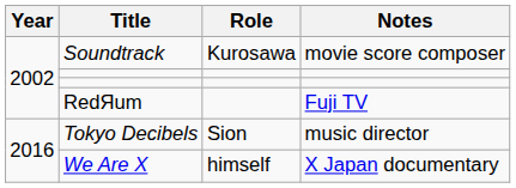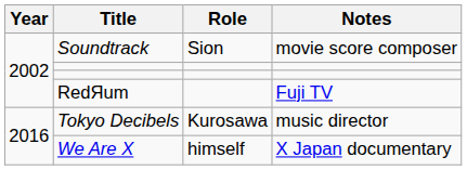 <table class="wikitable">
 <tr>
 <th>Year</th>
 <th>Title</th>
 <th>Role</th>
 <th>Notes</th>
 </tr>
 <tr>
 <td rowspan="4">2002</td>
 <td><em>Soundtrack</em></td>
-<td>Kurosawa</td>
+<td>Sion</td>
 <td>movie score composer</td>
 </tr>
 <tr>
 <td></td>
 <td></td>
 <td></td>
 </tr>
 <tr>
 <td></td>
 <td></td>
 <td></td>
 </tr>
 <tr>
 <td>RedЯum</td>
 <td></td>
 <td><a href='#'>Fuji TV</a></td>
 </tr>
 <tr>
 <td rowspan="2">2016</td>
 <td><em>Tokyo Decibels</em></td>
-<td>Sion</td>
+<td>Kurosawa</td>
 <td>music director</td>
 </tr>
 <tr>
 <td><em><a href='#'>We Are X</a></em></td>
 <td>himself</td>
 <td><a href='#'>X Japan</a> documentary</td>
 </tr>
 </table>
